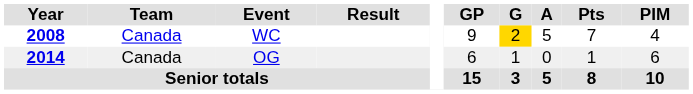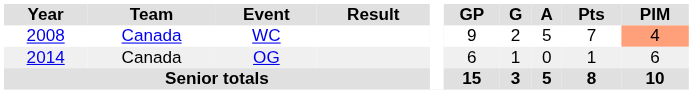 <table border="0" cellpadding="1" cellspacing="0" style="text-align:center; width:40em">
 <tr ALIGN="centre" bgcolor="#e0e0e0">
 <th>Year</th>
 <th>Team</th>
 <th>Event</th>
 <th>Result</th>
 <th rowspan="99" bgcolor="#ffffff"> </th>
 <th>GP</th>
 <th>G</th>
 <th>A</th>
 <th>Pts</th>
 <th>PIM</th>
 </tr>
 <tr>
-<td><strong><a href='#'>2008</a></strong></td>
+<td><a href='#'>2008</a></td>
 <td><a href='#'>Canada</a></td>
 <td><a href='#'>WC</a></td>
 <td></td>
 <td>9</td>
-<td style="background: gold;">2</td>
+<td>2</td>
 <td>5</td>
 <td>7</td>
-<td>4</td>
+<td style="background: lightsalmon;">4</td>
 </tr>
 <tr bgcolor="#f0f0f0">
-<td><strong><a href='#'>2014</a></strong></td>
+<td><a href='#'>2014</a></td>
 <td>Canada</td>
 <td><a href='#'>OG</a></td>
 <td></td>
 <td>6</td>
 <td>1</td>
 <td>0</td>
 <td>1</td>
 <td>6</td>
 </tr>
 <tr>
 </tr>
 <tr bgcolor="#e0e0e0">
 <th colspan=4>Senior totals</th>
 <th>15</th>
 <th>3</th>
 <th>5</th>
 <th>8</th>
 <th>10</th>
 </tr>
 </table>
